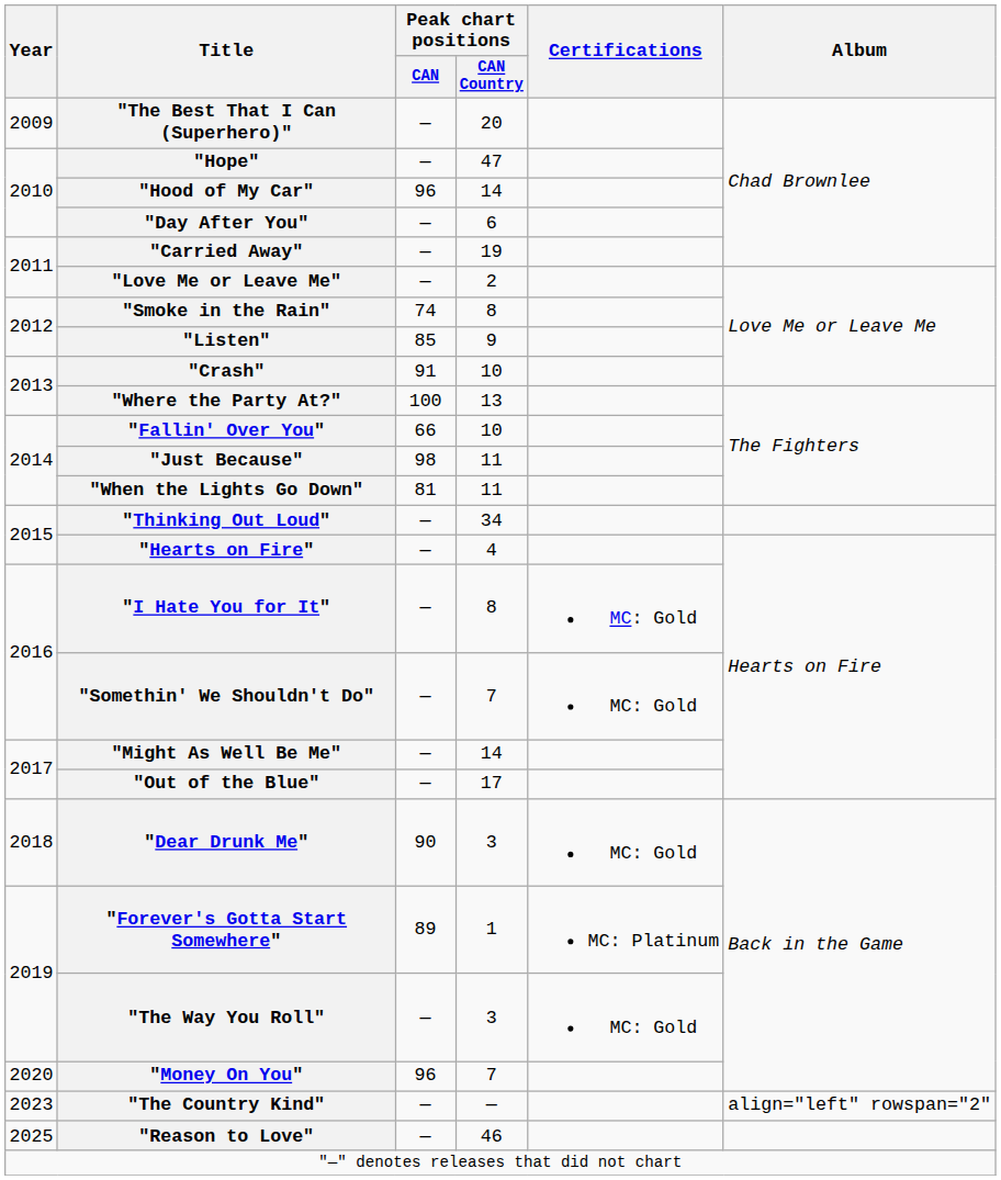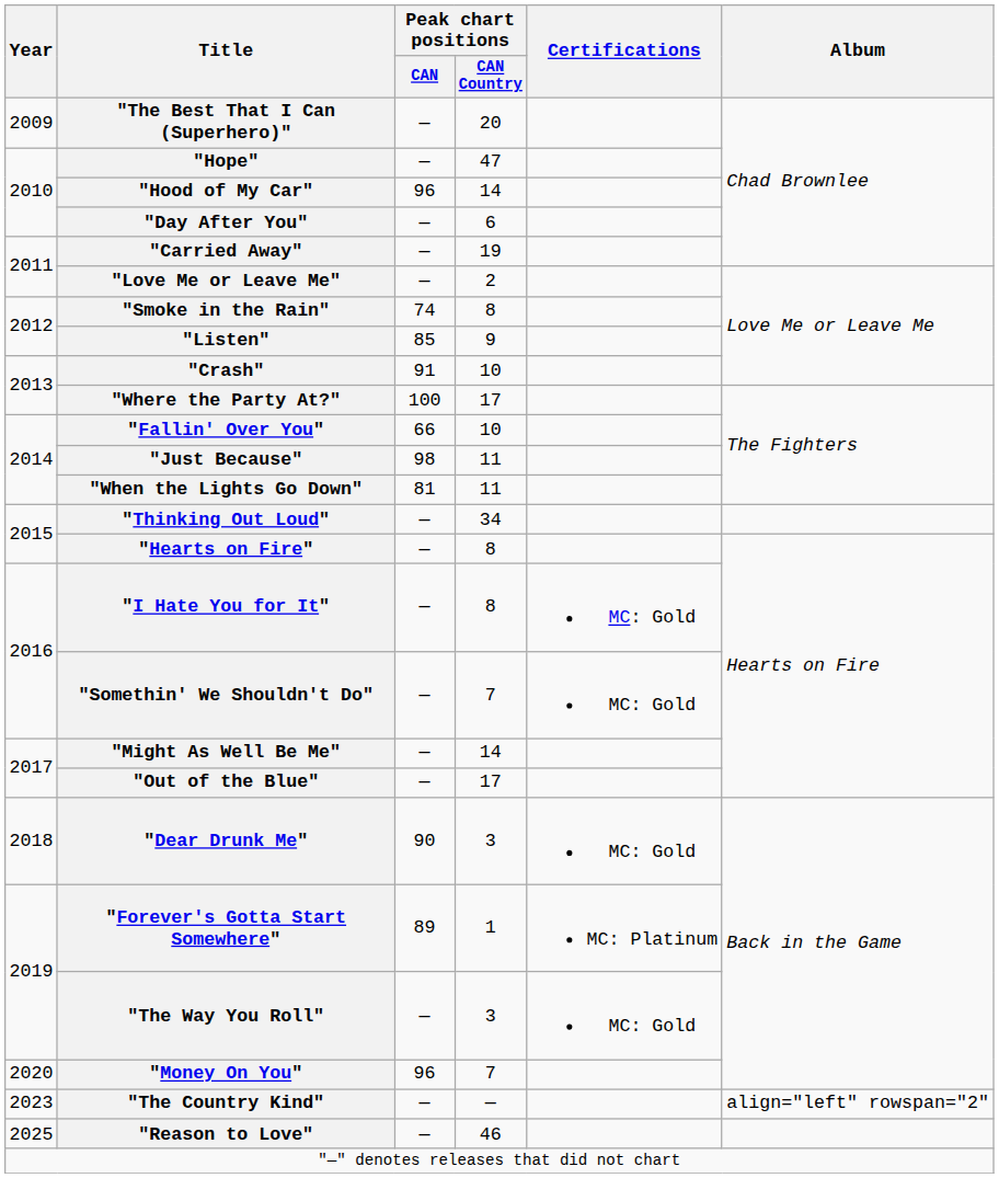 <table class="wikitable plainrowheaders" style="text-align:center;">
 <tr>
 <th rowspan="2">Year</th>
 <th rowspan="2" style="width:18em;">Title</th>
 <th colspan="2">Peak chart<br>positions</th>
 <th rowspan="2"><a href='#'>Certifications</a></th>
 <th rowspan="2">Album</th>
 </tr>
 <tr style="font-size:smaller;">
 <th style="width:3.5em;"><a href='#'>CAN</a><br></th>
 <th style="width:3.5em;"><a href='#'>CAN Country</a><br></th>
 </tr>
 <tr>
 <td>2009</td>
 <th scope="row">"The Best That I Can (Superhero)"</th>
 <td>—</td>
 <td>20</td>
 <td></td>
 <td align="left" rowspan="5"><em>Chad Brownlee</em></td>
 </tr>
 <tr>
 <td rowspan="3">2010</td>
 <th scope="row">"Hope"</th>
 <td>—</td>
 <td>47</td>
 <td></td>
 </tr>
 <tr>
 <th scope="row">"Hood of My Car"</th>
 <td>96</td>
 <td>14</td>
 <td></td>
 </tr>
 <tr>
 <th scope="row">"Day After You"</th>
 <td>—</td>
 <td>6</td>
 <td></td>
 </tr>
 <tr>
 <td rowspan="2">2011</td>
 <th scope="row">"Carried Away"</th>
 <td>—</td>
 <td>19</td>
 <td></td>
 </tr>
 <tr>
 <th scope="row">"Love Me or Leave Me"</th>
 <td>—</td>
 <td>2</td>
 <td></td>
 <td align="left" rowspan="4"><em>Love Me or Leave Me</em></td>
 </tr>
 <tr>
 <td rowspan="2">2012</td>
 <th scope="row">"Smoke in the Rain"</th>
 <td>74</td>
 <td>8</td>
 <td></td>
 </tr>
 <tr>
 <th scope="row">"Listen"</th>
 <td>85</td>
 <td>9</td>
 <td></td>
 </tr>
 <tr>
 <td rowspan="2">2013</td>
 <th scope="row">"Crash"</th>
 <td>91</td>
 <td>10</td>
 <td></td>
 </tr>
 <tr>
 <th scope="row">"Where the Party At?"</th>
 <td>100</td>
-<td>13</td>
+<td>17</td>
 <td></td>
 <td align="left" rowspan="4"><em>The Fighters</em></td>
 </tr>
 <tr>
 <td rowspan="3">2014</td>
 <th scope="row">"<a href='#'>Fallin' Over You</a>"</th>
 <td>66</td>
 <td>10</td>
 <td></td>
 </tr>
 <tr>
 <th scope="row">"Just Because"</th>
 <td>98</td>
 <td>11</td>
 <td></td>
 </tr>
 <tr>
 <th scope="row">"When the Lights Go Down"</th>
 <td>81</td>
 <td>11</td>
 <td></td>
 </tr>
 <tr>
 <td rowspan="2">2015</td>
 <th scope="row">"<a href='#'>Thinking Out Loud</a>"</th>
 <td>—</td>
 <td>34</td>
 <td></td>
 <td></td>
 </tr>
 <tr>
 <th scope="row">"<a href='#'>Hearts on Fire</a>"</th>
 <td>—</td>
-<td>4</td>
+<td>8</td>
 <td></td>
 <td align="left" rowspan="5"><em>Hearts on Fire</em></td>
 </tr>
 <tr>
 <td rowspan="2">2016</td>
 <th scope="row">"<a href='#'>I Hate You for It</a>"</th>
 <td>—</td>
 <td>8</td>
 <td><br><ul><li><a href='#'>MC</a>: Gold</li></ul></td>
 </tr>
 <tr>
 <th scope="row">"Somethin' We Shouldn't Do"</th>
 <td>—</td>
 <td>7</td>
 <td><br><ul><li>MC: Gold</li></ul></td>
 </tr>
 <tr>
 <td rowspan="2">2017</td>
 <th scope="row">"Might As Well Be Me"</th>
 <td>—</td>
 <td>14</td>
 <td></td>
 </tr>
 <tr>
 <th scope="row">"Out of the Blue"</th>
 <td>—</td>
 <td>17</td>
 <td></td>
 </tr>
 <tr>
 <td>2018</td>
 <th scope="row">"<a href='#'>Dear Drunk Me</a>"</th>
 <td>90</td>
 <td>3</td>
 <td><br><ul><li>MC: Gold</li></ul></td>
 <td rowspan="4" align="left"><em>Back in the Game</em></td>
 </tr>
 <tr>
 <td rowspan="2">2019</td>
 <th scope="row">"<a href='#'>Forever's Gotta Start Somewhere</a>"</th>
 <td>89</td>
 <td>1</td>
 <td><br><ul><li>MC: Platinum</li></ul></td>
 </tr>
 <tr>
 <th scope="row">"The Way You Roll"</th>
 <td>—</td>
 <td>3</td>
 <td><br><ul><li>MC: Gold</li></ul></td>
 </tr>
 <tr>
 <td>2020</td>
 <th scope="row">"<a href='#'>Money On You</a>"</th>
 <td>96</td>
 <td>7</td>
 <td></td>
 </tr>
 <tr>
 <td>2023</td>
 <th scope="row">"The Country Kind"</th>
 <td>—</td>
 <td>—</td>
 <td></td>
 <td>align="left" rowspan="2" </td>
 </tr>
 <tr>
 <td>2025</td>
 <th scope="row">"Reason to Love"</th>
 <td>—</td>
 <td>46</td>
 <td></td>
 </tr>
 <tr>
 <td colspan="6" style="font-size:85%">"—" denotes releases that did not chart</td>
 </tr>
 </table>
